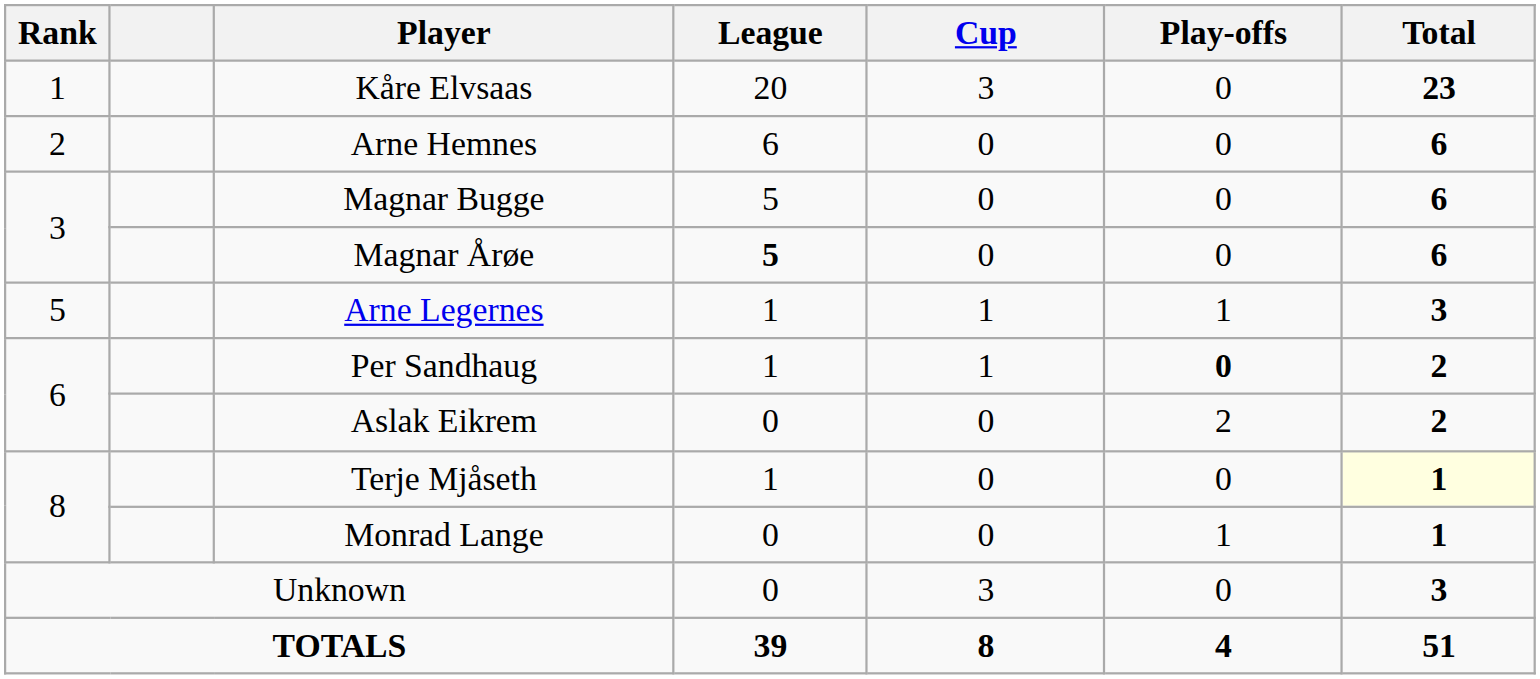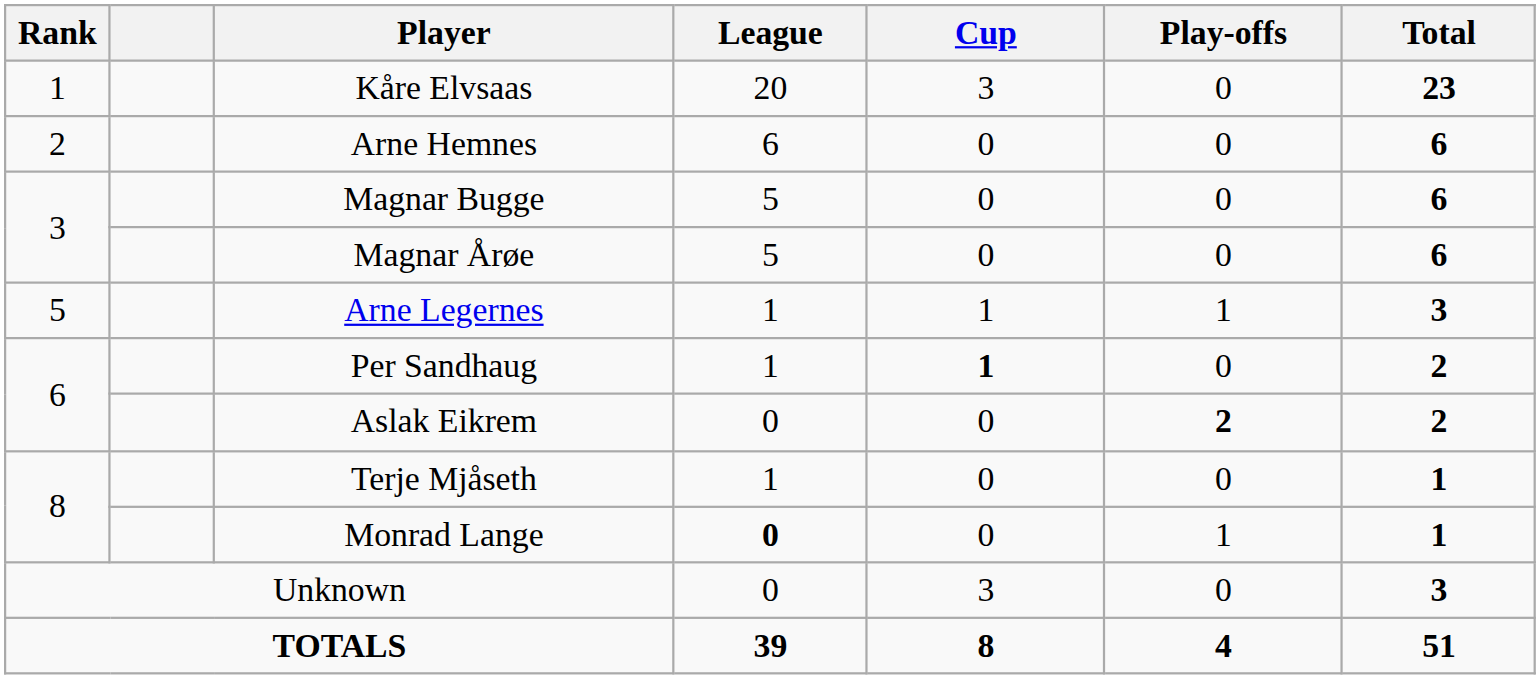 <table class="wikitable" style="font-size: 95%; text-align: center;">
 <tr>
 <th width=40>Rank</th>
 <th width=40></th>
 <th width=200>Player</th>
 <th width=80>League</th>
 <th width=100><a href='#'>Cup</a></th>
 <th width=100>Play-offs</th>
 <th width=80><strong>Total</strong></th>
 </tr>
 <tr>
 <td>1</td>
 <td></td>
 <td>Kåre Elvsaas</td>
 <td>20</td>
 <td>3</td>
 <td>0</td>
 <td><strong>23</strong></td>
 </tr>
 <tr>
 <td>2</td>
 <td></td>
 <td>Arne Hemnes</td>
 <td>6</td>
 <td>0</td>
 <td>0</td>
 <td><strong>6</strong></td>
 </tr>
 <tr>
 <td rowspan=2>3</td>
 <td></td>
 <td>Magnar Bugge</td>
 <td>5</td>
 <td>0</td>
 <td>0</td>
 <td><strong>6</strong></td>
 </tr>
 <tr>
 <td></td>
 <td>Magnar Årøe</td>
-<td><strong>5</strong></td>
+<td>5</td>
 <td>0</td>
 <td>0</td>
 <td><strong>6</strong></td>
 </tr>
 <tr>
 <td>5</td>
 <td></td>
 <td><a href='#'>Arne Legernes</a></td>
 <td>1</td>
 <td>1</td>
 <td>1</td>
 <td><strong>3</strong></td>
 </tr>
 <tr>
 <td rowspan=2>6</td>
 <td></td>
 <td>Per Sandhaug</td>
 <td>1</td>
-<td>1</td>
-<td><strong>0</strong></td>
+<td><strong>1</strong></td>
+<td>0</td>
 <td><strong>2</strong></td>
 </tr>
 <tr>
 <td></td>
 <td>Aslak Eikrem</td>
 <td>0</td>
 <td>0</td>
-<td>2</td>
+<td><strong>2</strong></td>
 <td><strong>2</strong></td>
 </tr>
 <tr>
 <td rowspan=2>8</td>
 <td></td>
 <td>Terje Mjåseth</td>
 <td>1</td>
 <td>0</td>
 <td>0</td>
-<td style="background: lightyellow;"><strong>1</strong></td>
+<td><strong>1</strong></td>
 </tr>
 <tr>
 <td></td>
 <td>Monrad Lange</td>
-<td>0</td>
+<td><strong>0</strong></td>
 <td>0</td>
 <td>1</td>
 <td><strong>1</strong></td>
 </tr>
 <tr>
 <td colspan=3>Unknown</td>
 <td>0</td>
 <td>3</td>
 <td>0</td>
 <td><strong>3</strong></td>
 </tr>
 <tr>
 <td colspan="3"><strong>TOTALS</strong></td>
 <td><strong>39</strong></td>
 <td><strong>8</strong></td>
 <td><strong>4</strong></td>
 <td><strong>51</strong></td>
 </tr>
 </table>
